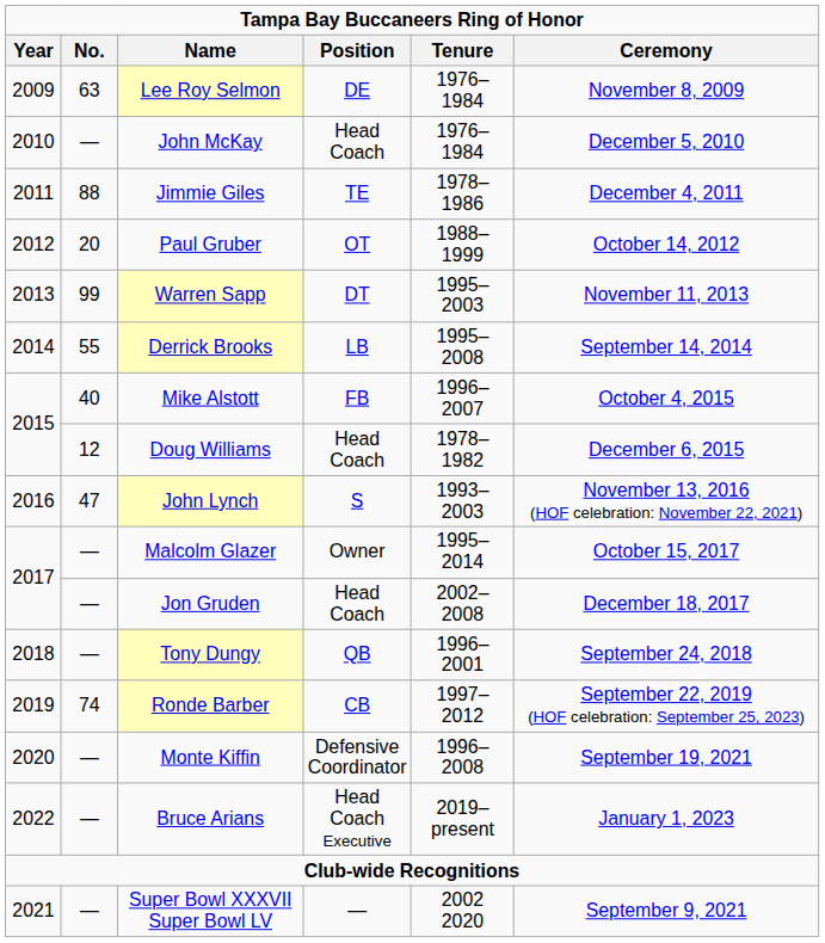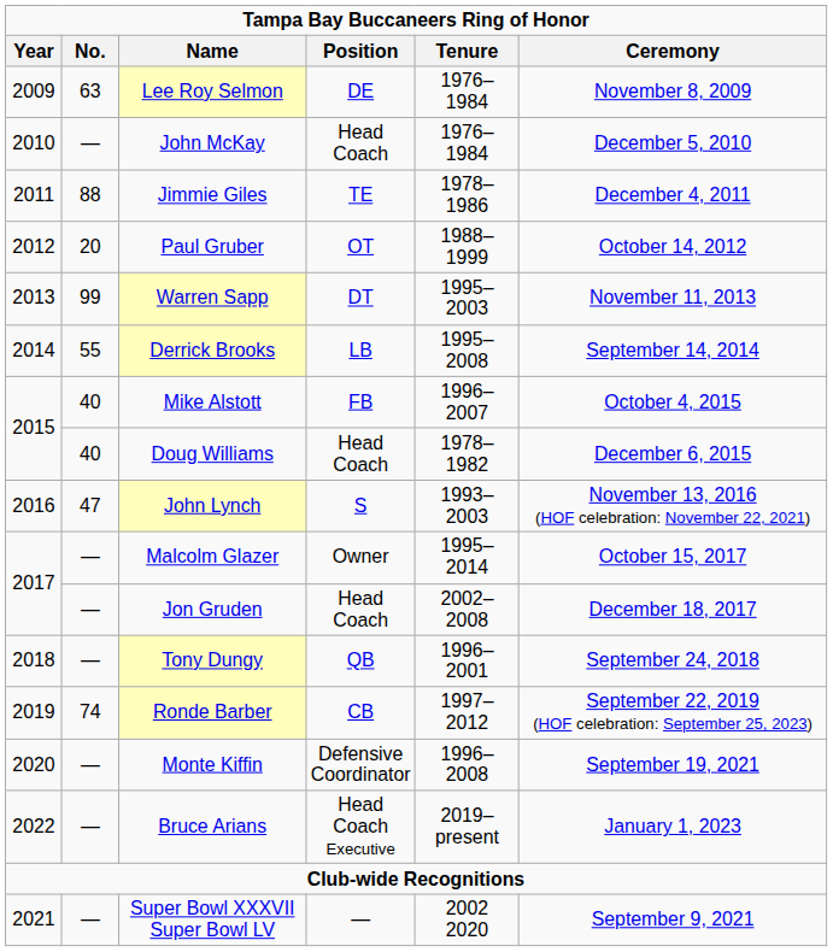 <table class="wikitable sortable" style="text-align:center">
 <tr>
 <td colspan="6"><strong>Tampa Bay Buccaneers Ring of Honor</strong></td>
 </tr>
 <tr>
 <th style="width:40px; ">Year</th>
 <th style="width:40px; ">No.</th>
 <th style="width:150px; ">Name</th>
 <th style="width:80px; ">Position</th>
 <th style="width:80px; ">Tenure</th>
 <th style="width:250px; ">Ceremony</th>
 </tr>
 <tr>
 <td>2009</td>
 <td>63</td>
 <td style="background:#ffb"><a href='#'>Lee Roy Selmon</a></td>
 <td><a href='#'>DE</a></td>
 <td>1976–1984</td>
 <td><a href='#'>November 8, 2009</a></td>
 </tr>
 <tr>
 <td>2010</td>
 <td>—</td>
 <td><a href='#'>John McKay</a></td>
 <td>Head Coach</td>
 <td>1976–1984</td>
 <td><a href='#'>December 5, 2010</a></td>
 </tr>
 <tr>
 <td>2011</td>
 <td>88</td>
 <td><a href='#'>Jimmie Giles</a></td>
 <td><a href='#'>TE</a></td>
 <td>1978–1986</td>
 <td><a href='#'>December 4, 2011</a></td>
 </tr>
 <tr>
 <td>2012</td>
 <td>20</td>
 <td><a href='#'>Paul Gruber</a></td>
 <td><a href='#'>OT</a></td>
 <td>1988–1999</td>
 <td><a href='#'>October 14, 2012</a></td>
 </tr>
 <tr>
 <td>2013</td>
 <td>99</td>
 <td style="background:#ffb"><a href='#'>Warren Sapp</a></td>
 <td><a href='#'>DT</a></td>
 <td>1995–2003</td>
 <td><a href='#'>November 11, 2013</a></td>
 </tr>
 <tr>
 <td>2014</td>
 <td>55</td>
 <td style="background:#ffb"><a href='#'>Derrick Brooks</a></td>
 <td><a href='#'>LB</a></td>
 <td>1995–2008</td>
 <td><a href='#'>September 14, 2014</a></td>
 </tr>
 <tr>
 <td rowspan=2>2015</td>
 <td>40</td>
 <td><a href='#'>Mike Alstott</a></td>
 <td><a href='#'>FB</a></td>
 <td>1996–2007</td>
 <td><a href='#'>October 4, 2015</a></td>
 </tr>
 <tr>
-<td>12</td>
+<td>40</td>
 <td><a href='#'>Doug Williams</a></td>
 <td>Head Coach</td>
 <td>1978–1982</td>
 <td><a href='#'>December 6, 2015</a></td>
 </tr>
 <tr>
 <td>2016</td>
 <td>47</td>
 <td style="background:#ffb"><a href='#'>John Lynch</a></td>
 <td><a href='#'>S</a></td>
 <td>1993–2003</td>
 <td><a href='#'>November 13, 2016</a><br><small>(<a href='#'>HOF</a> celebration: <a href='#'>November 22, 2021</a>)</small></td>
 </tr>
 <tr>
 <td rowspan=2>2017</td>
 <td>—</td>
 <td><a href='#'>Malcolm Glazer</a></td>
 <td>Owner</td>
 <td>1995–2014</td>
 <td><a href='#'>October 15, 2017</a></td>
 </tr>
 <tr>
 <td>—</td>
 <td><a href='#'>Jon Gruden</a></td>
 <td>Head Coach</td>
 <td>2002–2008</td>
 <td><a href='#'>December 18, 2017</a></td>
 </tr>
 <tr>
 <td>2018</td>
 <td>—</td>
 <td style="background:#ffb"><a href='#'>Tony Dungy</a></td>
 <td><a href='#'>QB</a></td>
 <td>1996–2001</td>
 <td><a href='#'>September 24, 2018</a></td>
 </tr>
 <tr>
 <td>2019</td>
 <td>74</td>
 <td style="background:#ffb"><a href='#'>Ronde Barber</a></td>
 <td><a href='#'>CB</a></td>
 <td>1997–2012</td>
 <td><a href='#'>September 22, 2019</a><br><small>(<a href='#'>HOF</a> celebration: <a href='#'>September 25, 2023</a>)</small></td>
 </tr>
 <tr>
 <td>2020</td>
 <td>—</td>
 <td><a href='#'>Monte Kiffin</a></td>
 <td>Defensive Coordinator</td>
 <td>1996–2008</td>
 <td><a href='#'>September 19, 2021</a></td>
 </tr>
 <tr>
 <td>2022</td>
 <td>—</td>
 <td><a href='#'>Bruce Arians</a></td>
 <td>Head Coach<br><small>Executive</small></td>
 <td>2019–present</td>
 <td><a href='#'>January 1, 2023</a></td>
 </tr>
 <tr>
 <td colspan="6"><strong>Club-wide Recognitions</strong></td>
 </tr>
 <tr>
 <td>2021</td>
 <td>—</td>
 <td><a href='#'>Super Bowl XXXVII</a><br><a href='#'>Super Bowl LV</a></td>
 <td>—</td>
 <td>2002<br>2020</td>
 <td><a href='#'>September 9, 2021</a></td>
 </tr>
 </table>
